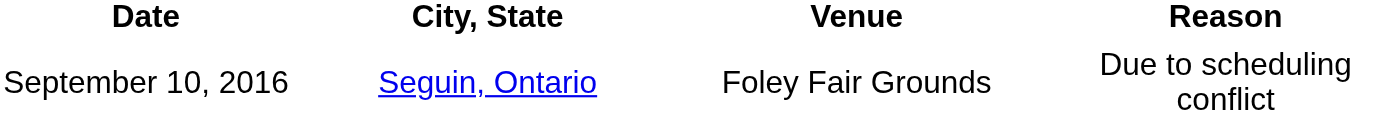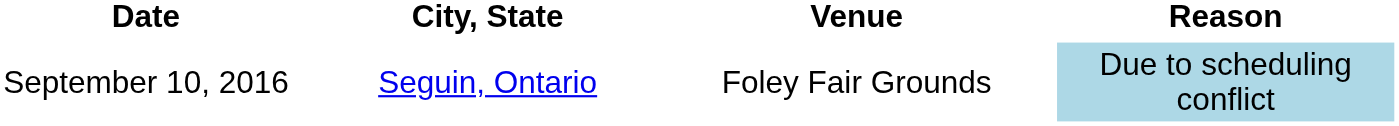 <table cellpadding="2" style="border:0 solid darkgrey; font-size:90%;">
 <tr>
 <th style="width:150px;">Date</th>
 <th style="width:150px;">City, State</th>
 <th style="width:175px;">Venue</th>
 <th style="width:150px;">Reason</th>
 </tr>
 <tr border="0">
 <td style="text-align:center;">September 10, 2016</td>
 <td style="text-align:center;"><a href='#'>Seguin, Ontario</a></td>
 <td style="text-align:center;">Foley Fair Grounds</td>
-<td style="text-align:center;">Due to scheduling conflict</td>
+<td style="background: lightblue; text-align:center;">Due to scheduling conflict</td>
 </tr>
 <tr>
 </tr>
 </table>
